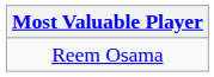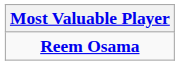 <table class=wikitable style="text-align:center; margin:auto">
 <tr>
 <th><a href='#'>Most Valuable Player</a></th>
 </tr>
 <tr>
-<td> <a href='#'>Reem Osama</a></td>
+<td><strong> <a href='#'>Reem Osama</a></strong></td>
 </tr>
 </table>
